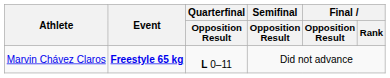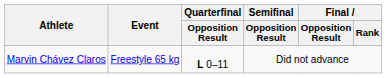 <table class=wikitable style=font-size:90%;text-align:center>
 <tr>
 <th rowspan=2>Athlete</th>
 <th rowspan=2>Event</th>
 <th>Quarterfinal</th>
 <th>Semifinal</th>
 <th colspan=2>Final / </th>
 </tr>
 <tr style=font-size:95%>
 <th>Opposition<br>Result</th>
 <th>Opposition<br>Result</th>
 <th>Opposition<br>Result</th>
 <th>Rank</th>
 </tr>
 <tr>
 <td align=left><a href='#'>Marvin Chávez Claros</a></td>
-<td align=left><strong><a href='#'>Freestyle 65 kg</a></strong></td>
+<td align=left><a href='#'>Freestyle 65 kg</a></td>
 <td><br><strong>L</strong> 0–11</td>
 <td colspan="3">Did not advance</td>
 </tr>
 </table>
